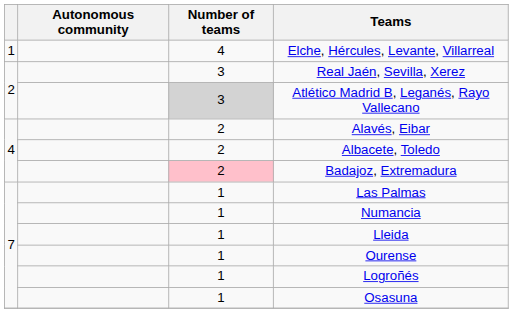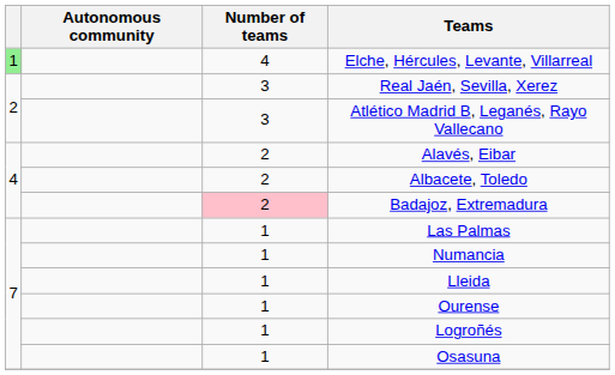 <table class="wikitable">
 <tr>
 <th></th>
 <th>Autonomous community</th>
 <th>Number of teams</th>
 <th>Teams</th>
 </tr>
 <tr>
-<td>1</td>
+<td style="background: lightgreen;">1</td>
 <td></td>
 <td align=center>4</td>
 <td align=center><a href='#'>Elche</a>, <a href='#'>Hércules</a>, <a href='#'>Levante</a>, <a href='#'>Villarreal</a></td>
 </tr>
 <tr>
 <td rowspan=2>2</td>
 <td></td>
 <td align=center>3</td>
 <td align=center><a href='#'>Real Jaén</a>, <a href='#'>Sevilla</a>, <a href='#'>Xerez</a></td>
 </tr>
 <tr>
 <td></td>
-<td align=center style="background: lightgrey;">3</td>
+<td align=center>3</td>
 <td align=center><a href='#'>Atlético Madrid B</a>, <a href='#'>Leganés</a>, <a href='#'>Rayo Vallecano</a></td>
 </tr>
 <tr>
 <td rowspan=3>4</td>
 <td></td>
 <td align=center>2</td>
 <td align=center><a href='#'>Alavés</a>, <a href='#'>Eibar</a></td>
 </tr>
 <tr>
 <td></td>
 <td align=center>2</td>
 <td align=center><a href='#'>Albacete</a>, <a href='#'>Toledo</a></td>
 </tr>
 <tr>
 <td></td>
 <td align=center style="background: pink;">2</td>
 <td align=center><a href='#'>Badajoz</a>, <a href='#'>Extremadura</a></td>
 </tr>
 <tr>
 <td rowspan=6>7</td>
 <td></td>
 <td align=center>1</td>
 <td align=center><a href='#'>Las Palmas</a></td>
 </tr>
 <tr>
 <td></td>
 <td align=center>1</td>
 <td align=center><a href='#'>Numancia</a></td>
 </tr>
 <tr>
 <td></td>
 <td align=center>1</td>
 <td align=center><a href='#'>Lleida</a></td>
 </tr>
 <tr>
 <td></td>
 <td align=center>1</td>
 <td align=center><a href='#'>Ourense</a></td>
 </tr>
 <tr>
 <td></td>
 <td align=center>1</td>
 <td align=center><a href='#'>Logroñés</a></td>
 </tr>
 <tr>
 <td></td>
 <td align=center>1</td>
 <td align=center><a href='#'>Osasuna</a></td>
 </tr>
 <tr>
 </tr>
 </table>
